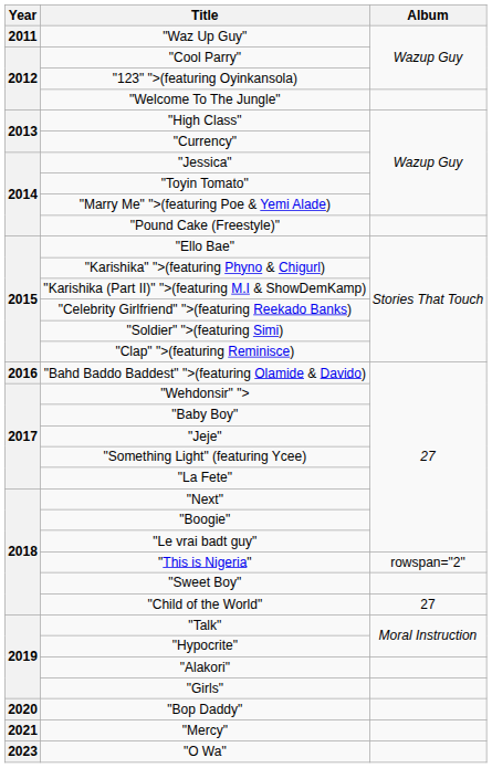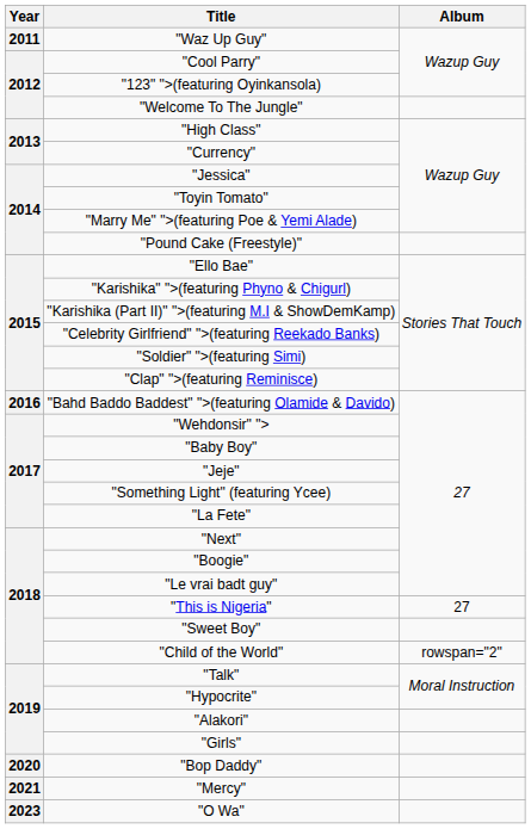 <table class="wikitable plainrowheaders" style="text-align:center;">
 <tr>
 <th scope="col">Year</th>
 <th scope="col">Title</th>
 <th scope="col">Album</th>
 </tr>
 <tr>
 <th>2011</th>
 <td>"Waz Up Guy"</td>
 <td rowspan="3"><em>Wazup Guy</em></td>
 </tr>
 <tr>
 <th rowspan="3">2012</th>
 <td>"Cool Parry"</td>
 </tr>
 <tr>
 <td>"123" <span>">(featuring Oyinkansola)</span></td>
 </tr>
 <tr>
 <td>"Welcome To The Jungle"</td>
 <td></td>
 </tr>
 <tr>
 <th rowspan="2">2013</th>
 <td>"High Class"</td>
 <td rowspan="5"><em>Wazup Guy</em></td>
 </tr>
 <tr>
 <td>"Currency"</td>
 </tr>
 <tr>
 <th rowspan="4">2014</th>
 <td>"Jessica"</td>
 </tr>
 <tr>
 <td>"Toyin Tomato"</td>
 </tr>
 <tr>
 <td>"Marry Me" <span>">(featuring Poe & <a href='#'>Yemi Alade</a>)</span></td>
 </tr>
 <tr>
 <td>"Pound Cake (Freestyle)"<br></td>
 <td></td>
 </tr>
 <tr>
 <th rowspan="6">2015</th>
 <td>"Ello Bae"</td>
 <td rowspan="6"><em>Stories That Touch</em></td>
 </tr>
 <tr>
 <td>"Karishika" <span>">(featuring <a href='#'>Phyno</a> & <a href='#'>Chigurl</a>)</span></td>
 </tr>
 <tr>
 <td>"Karishika (Part II)" <span>">(featuring <a href='#'>M.I</a> & ShowDemKamp)</span></td>
 </tr>
 <tr>
 <td>"Celebrity Girlfriend" <span>">(featuring <a href='#'>Reekado Banks</a>)</span></td>
 </tr>
 <tr>
 <td>"Soldier" <span>">(featuring <a href='#'>Simi</a>)</span> </td>
 </tr>
 <tr>
 <td>"Clap" <span>">(featuring <a href='#'>Reminisce</a>)</span></td>
 </tr>
 <tr>
 <th rowspan="1">2016</th>
 <td>"Bahd Baddo Baddest" <span>">(featuring <a href='#'>Olamide</a> & <a href='#'>Davido</a>)</span></td>
 <td rowspan="9"><em>27</em></td>
 </tr>
 <tr>
 <th rowspan="5">2017</th>
 <td>"Wehdonsir" <span>"></span></td>
 </tr>
 <tr>
 <td>"Baby Boy"</td>
 </tr>
 <tr>
 <td>"Jeje"</td>
 </tr>
 <tr>
 <td>"Something Light" (featuring Ycee)</td>
 </tr>
 <tr>
 <td>"La Fete"</td>
 </tr>
 <tr>
 <th rowspan="6">2018</th>
 <td>"Next"<br></td>
 </tr>
 <tr>
 <td>"Boogie"<br></td>
 </tr>
 <tr>
 <td>"Le vrai badt guy"</td>
 </tr>
 <tr>
 <td>"<a href='#'>This is Nigeria</a>"</td>
-<td>rowspan="2" </td>
+<td>27</td>
 </tr>
 <tr>
 <td>"Sweet Boy"</td>
 </tr>
 <tr>
 <td>"Child of the World"</td>
-<td>27</td>
+<td>rowspan="2" </td>
 </tr>
 <tr>
 <th rowspan="4">2019</th>
 <td>"Talk"</td>
 <td rowspan="2"><em>Moral Instruction</em></td>
 </tr>
 <tr>
 <td>"Hypocrite"</td>
 </tr>
 <tr>
 <td>"Alakori"<br></td>
 <td></td>
 </tr>
 <tr>
 <td>"Girls" <br></td>
 <td></td>
 </tr>
 <tr>
 <th>2020</th>
 <td>"Bop Daddy" <br></td>
 <td></td>
 </tr>
 <tr>
 <th>2021</th>
 <td>"Mercy"</td>
 <td></td>
 </tr>
 <tr>
 <th>2023</th>
 <td>"O Wa"<br></td>
 <td></td>
 </tr>
 </table>
